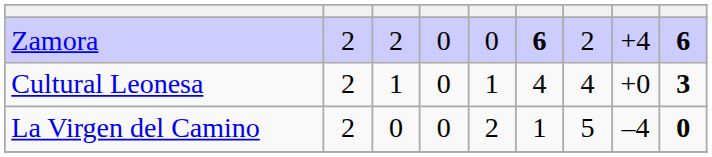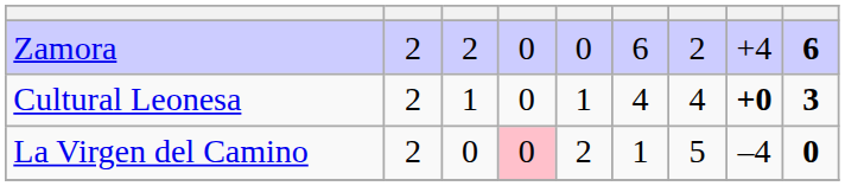 <table class="wikitable" style="text-align: center;">
 <tr>
 <th width="175"></th>
 <th width="20"></th>
 <th width="20"></th>
 <th width="20"></th>
 <th width="20"></th>
 <th width="20"></th>
 <th width="20"></th>
 <th width="20"></th>
 <th width="20"></th>
 </tr>
 <tr bgcolor=#ccccff>
 <td align=left><a href='#'>Zamora</a></td>
 <td>2</td>
 <td>2</td>
 <td>0</td>
 <td>0</td>
-<td><strong>6</strong></td>
+<td>6</td>
 <td>2</td>
 <td>+4</td>
 <td><strong>6</strong></td>
 </tr>
 <tr>
 <td align=left><a href='#'>Cultural Leonesa</a></td>
 <td>2</td>
 <td>1</td>
 <td>0</td>
 <td>1</td>
 <td>4</td>
 <td>4</td>
-<td>+0</td>
+<td><strong>+0</strong></td>
 <td><strong>3</strong></td>
 </tr>
 <tr>
 <td align=left><a href='#'>La Virgen del Camino</a></td>
 <td>2</td>
 <td>0</td>
-<td>0</td>
+<td style="background: pink;">0</td>
 <td>2</td>
 <td>1</td>
 <td>5</td>
 <td>–4</td>
 <td><strong>0</strong></td>
 </tr>
 <tr>
 </tr>
 </table>
